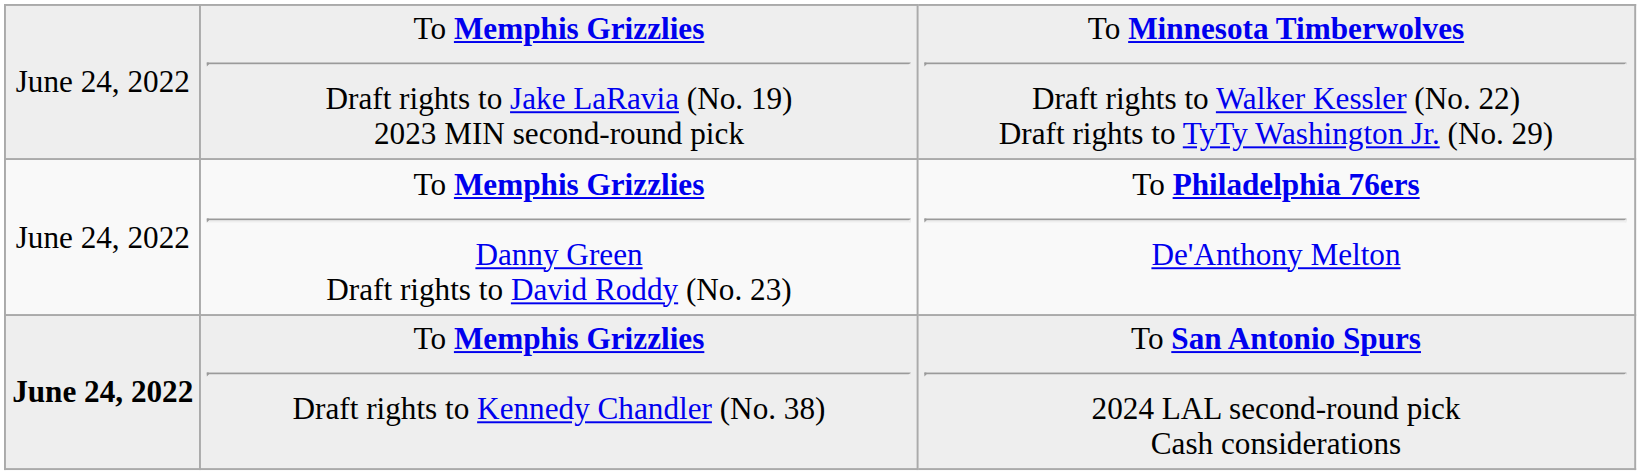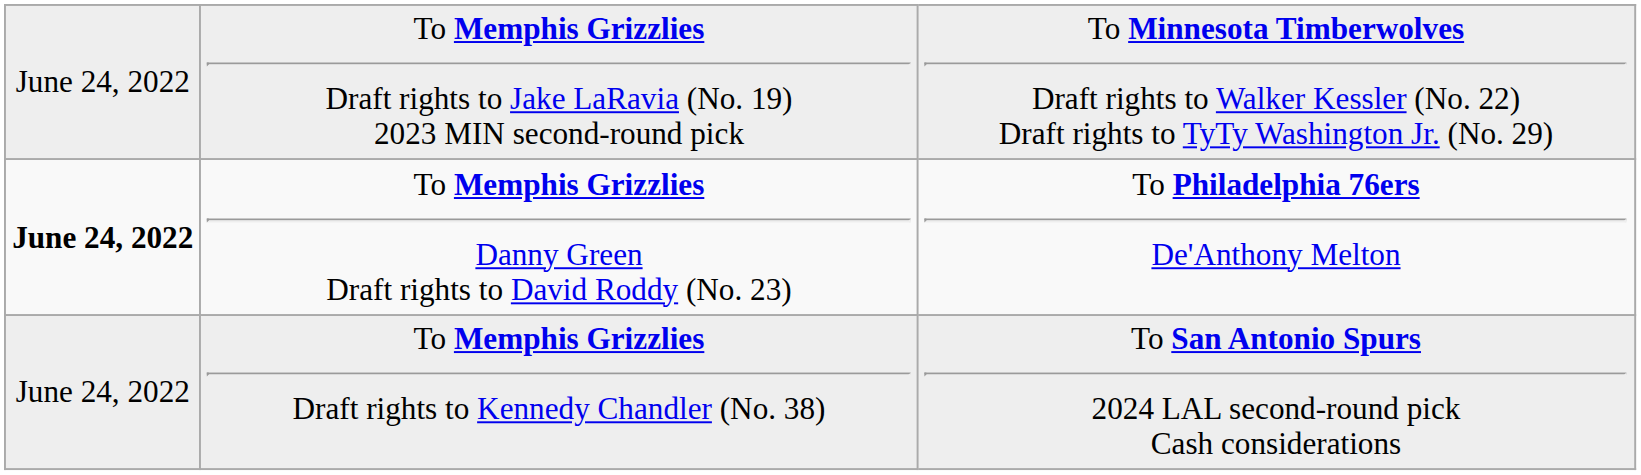 <table class="wikitable sortable sortable" style="text-align: center">
 <tr style="background:#eee;">
 <td style="width:12%">June 24, 2022</td>
 <td style="width:44%; vertical-align:top;">To <strong><a href='#'>Memphis Grizzlies</a></strong><hr>Draft rights to <a href='#'>Jake LaRavia</a> (No. 19)<br>2023 MIN second-round pick</td>
 <td style="width:44%; vertical-align:top;">To <strong><a href='#'>Minnesota Timberwolves</a></strong><hr>Draft rights to <a href='#'>Walker Kessler</a> (No. 22)<br>Draft rights to <a href='#'>TyTy Washington Jr.</a> (No. 29)</td>
 </tr>
 <tr>
-<td style="width:12%">June 24, 2022</td>
+<td style="width:12%"><strong>June 24, 2022</strong></td>
 <td style="width:44%; vertical-align:top;">To <strong><a href='#'>Memphis Grizzlies</a></strong><hr><a href='#'>Danny Green</a><br>Draft rights to <a href='#'>David Roddy</a> (No. 23)</td>
 <td style="width:44%; vertical-align:top;">To <strong><a href='#'>Philadelphia 76ers</a></strong><hr><a href='#'>De'Anthony Melton</a></td>
 </tr>
 <tr style="background:#eee;">
-<td style="width:12%"><strong>June 24, 2022</strong></td>
+<td style="width:12%">June 24, 2022</td>
 <td style="width:44%; vertical-align:top;">To <strong><a href='#'>Memphis Grizzlies</a></strong><hr>Draft rights to <a href='#'>Kennedy Chandler</a> (No. 38)</td>
 <td style="width:44%; vertical-align:top;">To <strong><a href='#'>San Antonio Spurs</a></strong><hr>2024 LAL second-round pick<br>Cash considerations</td>
 </tr>
 </table>
